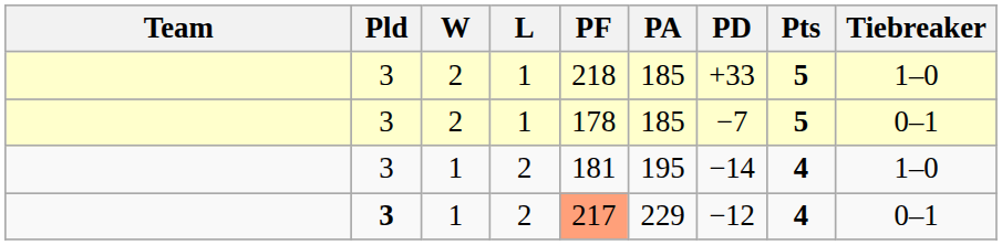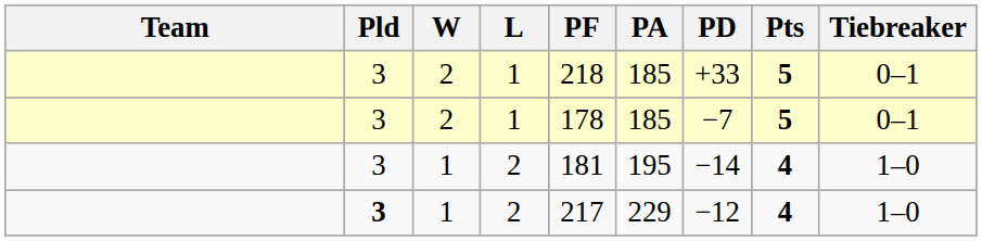 <table class=wikitable style="text-align:center">
 <tr>
 <th width=180>Team</th>
 <th width=30>Pld</th>
 <th width=30>W</th>
 <th width=30>L</th>
 <th width=30>PF</th>
 <th width=30>PA</th>
 <th width=30>PD</th>
 <th width=30>Pts</th>
 <th width=80>Tiebreaker</th>
 </tr>
 <tr bgcolor="#ffffcc">
 <td align=left></td>
 <td>3</td>
 <td>2</td>
 <td>1</td>
 <td>218</td>
 <td>185</td>
 <td>+33</td>
 <td><strong>5</strong></td>
-<td>1–0</td>
+<td>0–1</td>
 </tr>
 <tr bgcolor="#ffffcc">
 <td align=left></td>
 <td>3</td>
 <td>2</td>
 <td>1</td>
 <td>178</td>
 <td>185</td>
 <td>−7</td>
 <td><strong>5</strong></td>
 <td>0–1</td>
 </tr>
 <tr>
 <td align=left></td>
 <td>3</td>
 <td>1</td>
 <td>2</td>
 <td>181</td>
 <td>195</td>
 <td>−14</td>
 <td><strong>4</strong></td>
 <td>1–0</td>
 </tr>
 <tr>
 <td align=left></td>
 <td><strong>3</strong></td>
 <td>1</td>
 <td>2</td>
-<td style="background: lightsalmon;">217</td>
+<td>217</td>
 <td>229</td>
 <td>−12</td>
 <td><strong>4</strong></td>
-<td>0–1</td>
+<td>1–0</td>
 </tr>
 </table>
